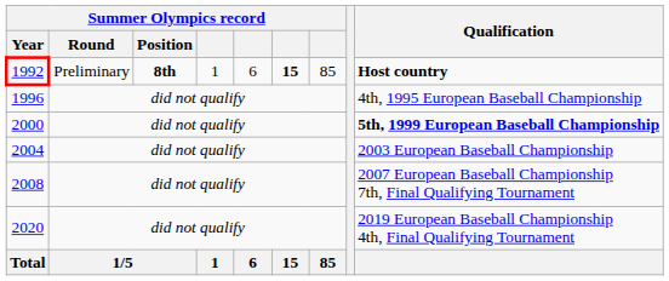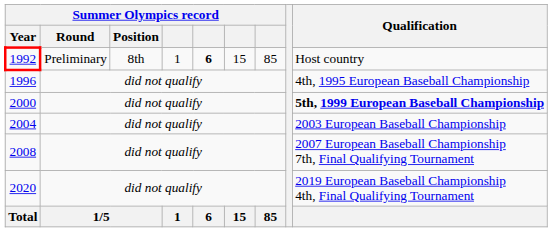 <table class="wikitable" style="text-align: center;">
 <tr>
 <th colspan=7><a href='#'>Summer Olympics record</a></th>
 <th rowspan=9></th>
 <th rowspan=2>Qualification</th>
 </tr>
 <tr>
 <th>Year</th>
 <th>Round</th>
 <th>Position</th>
 <th width=30></th>
 <th width=30></th>
 <th width=30></th>
 <th width=30></th>
 </tr>
 <tr>
 <td style="border: 3px solid red"><a href='#'>1992</a></td>
 <td>Preliminary</td>
-<td><strong>8th</strong></td>
+<td>8th</td>
 <td>1</td>
-<td>6</td>
-<td><strong>15</strong></td>
+<td><strong>6</strong></td>
+<td>15</td>
 <td>85</td>
-<td align=left><strong>Host country</strong></td>
+<td align=left>Host country</td>
 </tr>
 <tr>
 <td><a href='#'>1996</a></td>
 <td colspan=6 align=center><em>did not qualify</em></td>
 <td align=left>4th, <a href='#'>1995 European Baseball Championship</a></td>
 </tr>
 <tr>
 <td><a href='#'>2000</a></td>
 <td colspan=6 align=center><em>did not qualify</em></td>
 <td align=left><strong>5th, <a href='#'>1999 European Baseball Championship</a></strong></td>
 </tr>
 <tr>
 <td><a href='#'>2004</a></td>
 <td colspan=6 align=center><em>did not qualify</em></td>
 <td align=left> <a href='#'>2003 European Baseball Championship</a></td>
 </tr>
 <tr>
 <td><a href='#'>2008</a></td>
 <td colspan=6 align=center><em>did not qualify</em></td>
 <td align=left> <a href='#'>2007 European Baseball Championship</a><br>7th, <a href='#'>Final Qualifying Tournament</a></td>
 </tr>
 <tr>
 <td><a href='#'>2020</a></td>
 <td colspan=6 align=center><em>did not qualify</em></td>
 <td align=left> <a href='#'>2019 European Baseball Championship</a><br>4th, <a href='#'>Final Qualifying Tournament</a></td>
 </tr>
 <tr>
 <th>Total</th>
 <th colspan=2>1/5</th>
 <th>1</th>
 <th>6</th>
 <th>15</th>
 <th>85</th>
 <th></th>
 </tr>
 </table>
